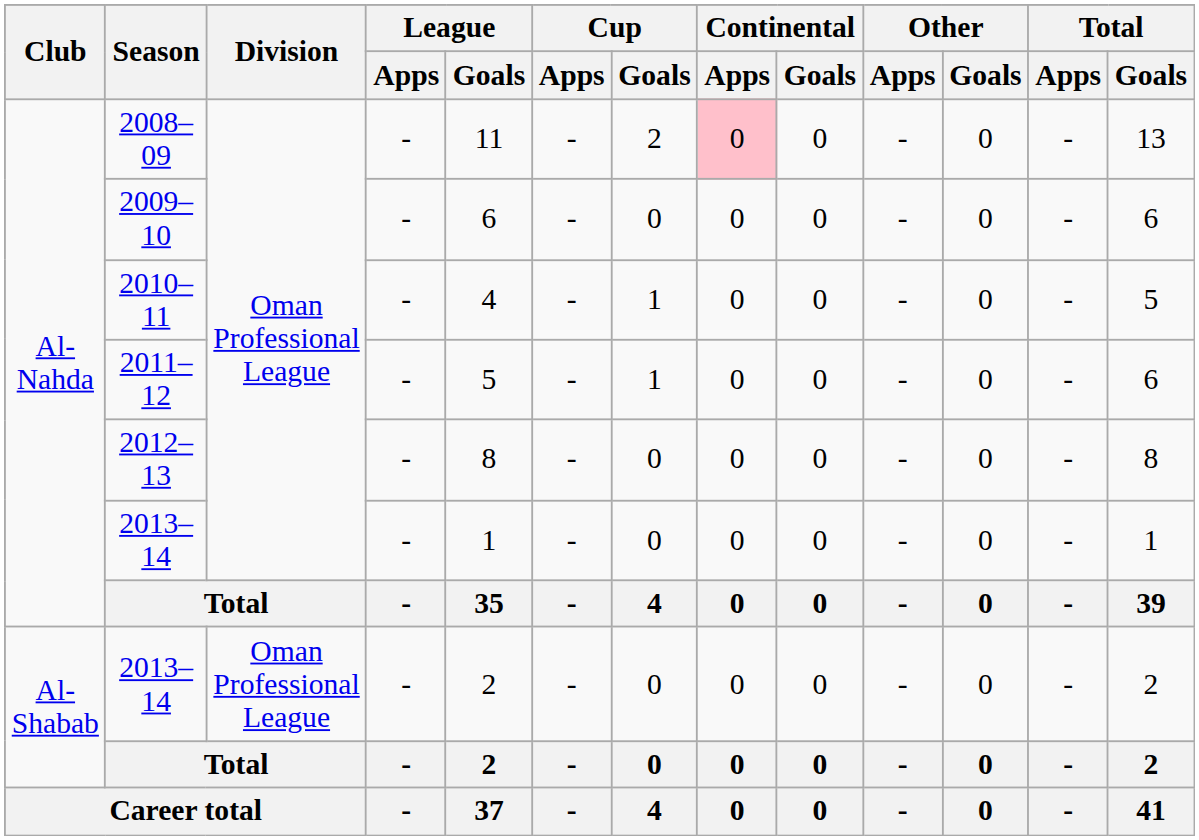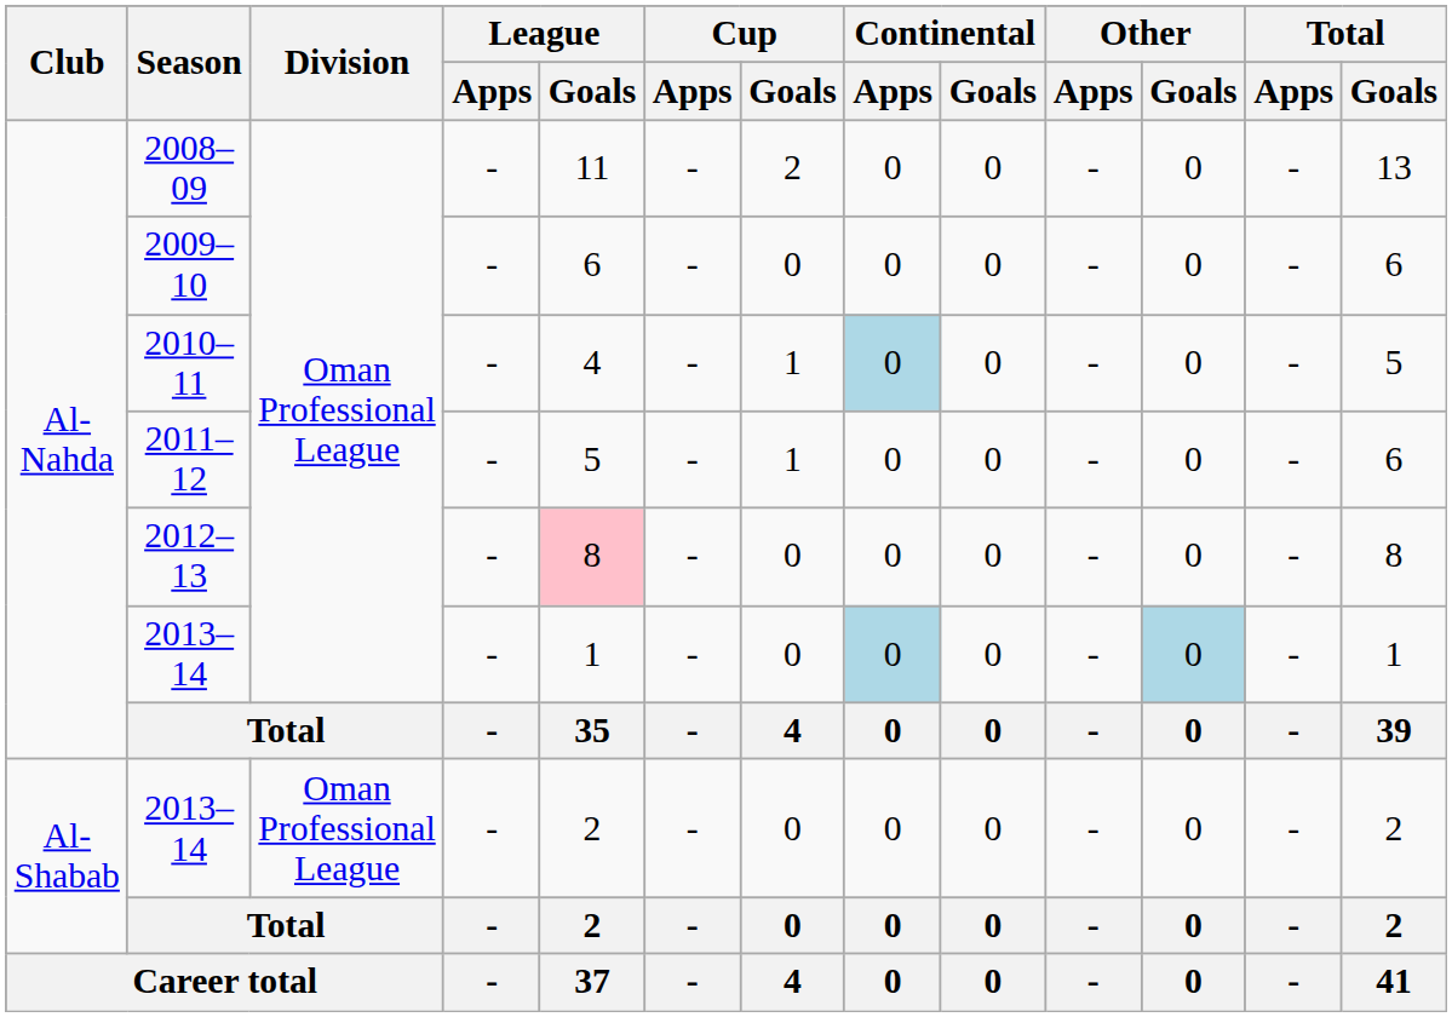 <table class="wikitable" style="text-align: center;">
 <tr>
 <th rowspan="2">Club</th>
 <th rowspan="2">Season</th>
 <th rowspan="2">Division</th>
 <th colspan="2">League</th>
 <th colspan="2">Cup</th>
 <th colspan="2">Continental</th>
 <th colspan="2">Other</th>
 <th colspan="2">Total</th>
 </tr>
 <tr>
 <th>Apps</th>
 <th>Goals</th>
 <th>Apps</th>
 <th>Goals</th>
 <th>Apps</th>
 <th>Goals</th>
 <th>Apps</th>
 <th>Goals</th>
 <th>Apps</th>
 <th>Goals</th>
 </tr>
 <tr>
 <td rowspan="7"><a href='#'>Al-Nahda</a></td>
 <td><a href='#'>2008–09</a></td>
 <td rowspan="6"><a href='#'>Oman Professional League</a></td>
 <td>-</td>
 <td>11</td>
 <td>-</td>
 <td>2</td>
-<td style="background: pink;">0</td>
+<td>0</td>
 <td>0</td>
 <td>-</td>
 <td>0</td>
 <td>-</td>
 <td>13</td>
 </tr>
 <tr>
 <td><a href='#'>2009–10</a></td>
 <td>-</td>
 <td>6</td>
 <td>-</td>
 <td>0</td>
 <td>0</td>
 <td>0</td>
 <td>-</td>
 <td>0</td>
 <td>-</td>
 <td>6</td>
 </tr>
 <tr>
 <td><a href='#'>2010–11</a></td>
 <td>-</td>
 <td>4</td>
 <td>-</td>
 <td>1</td>
-<td>0</td>
+<td style="background: lightblue;">0</td>
 <td>0</td>
 <td>-</td>
 <td>0</td>
 <td>-</td>
 <td>5</td>
 </tr>
 <tr>
 <td><a href='#'>2011–12</a></td>
 <td>-</td>
 <td>5</td>
 <td>-</td>
 <td>1</td>
 <td>0</td>
 <td>0</td>
 <td>-</td>
 <td>0</td>
 <td>-</td>
 <td>6</td>
 </tr>
 <tr>
 <td><a href='#'>2012–13</a></td>
 <td>-</td>
-<td>8</td>
+<td style="background: pink;">8</td>
 <td>-</td>
 <td>0</td>
 <td>0</td>
 <td>0</td>
 <td>-</td>
 <td>0</td>
 <td>-</td>
 <td>8</td>
 </tr>
 <tr>
 <td><a href='#'>2013–14</a></td>
 <td>-</td>
 <td>1</td>
 <td>-</td>
 <td>0</td>
-<td>0</td>
+<td style="background: lightblue;">0</td>
 <td>0</td>
 <td>-</td>
-<td>0</td>
+<td style="background: lightblue;">0</td>
 <td>-</td>
 <td>1</td>
 </tr>
 <tr>
 <th colspan="2">Total</th>
 <th>-</th>
 <th>35</th>
 <th>-</th>
 <th>4</th>
 <th>0</th>
 <th>0</th>
 <th>-</th>
 <th>0</th>
 <th>-</th>
 <th>39</th>
 </tr>
 <tr>
 <td rowspan="2"><a href='#'>Al-Shabab</a></td>
 <td><a href='#'>2013–14</a></td>
 <td rowspan="1"><a href='#'>Oman Professional League</a></td>
 <td>-</td>
 <td>2</td>
 <td>-</td>
 <td>0</td>
 <td>0</td>
 <td>0</td>
 <td>-</td>
 <td>0</td>
 <td>-</td>
 <td>2</td>
 </tr>
 <tr>
 <th colspan="2">Total</th>
 <th>-</th>
 <th>2</th>
 <th>-</th>
 <th>0</th>
 <th>0</th>
 <th>0</th>
 <th>-</th>
 <th>0</th>
 <th>-</th>
 <th>2</th>
 </tr>
 <tr>
 <th colspan="3">Career total</th>
 <th>-</th>
 <th>37</th>
 <th>-</th>
 <th>4</th>
 <th>0</th>
 <th>0</th>
 <th>-</th>
 <th>0</th>
 <th>-</th>
 <th>41</th>
 </tr>
 </table>
